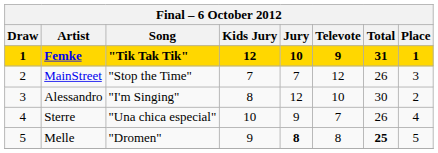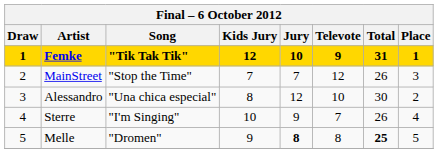 <table class="sortable wikitable" style="margin: 1em auto 1em auto; text-align:center;">
 <tr>
 <th colspan="8">Final – 6 October 2012</th>
 </tr>
 <tr>
 <th>Draw</th>
 <th>Artist</th>
 <th>Song</th>
 <th>Kids Jury</th>
 <th>Jury</th>
 <th>Televote</th>
 <th>Total</th>
 <th>Place</th>
 </tr>
 <tr bgcolor="GOLD">
 <td><strong>1</strong></td>
 <td align="left"><strong><a href='#'>Femke</a></strong></td>
 <td align="left"><strong>"Tik Tak Tik"</strong></td>
 <td><strong>12</strong></td>
 <td><strong>10</strong></td>
 <td><strong>9</strong></td>
 <td><strong>31</strong></td>
 <td><strong>1</strong></td>
 </tr>
 <tr>
 <td>2</td>
 <td align="left"><a href='#'>MainStreet</a></td>
 <td align="left">"Stop the Time"</td>
 <td>7</td>
 <td>7</td>
 <td>12</td>
 <td>26</td>
 <td>3</td>
 </tr>
 <tr>
 <td>3</td>
 <td align="left">Alessandro</td>
-<td align="left">"I'm Singing"</td>
+<td align="left">"Una chica especial"</td>
 <td>8</td>
 <td>12</td>
 <td>10</td>
 <td>30</td>
 <td>2</td>
 </tr>
 <tr>
 <td>4</td>
 <td align="left">Sterre</td>
-<td align="left">"Una chica especial"</td>
+<td align="left">"I'm Singing"</td>
 <td>10</td>
 <td>9</td>
 <td>7</td>
 <td>26</td>
 <td>4</td>
 </tr>
 <tr>
 <td>5</td>
 <td align="left">Melle</td>
 <td align="left">"Dromen"</td>
 <td>9</td>
 <td><strong>8</strong></td>
 <td>8</td>
 <td><strong>25</strong></td>
 <td>5</td>
 </tr>
 <tr>
 </tr>
 </table>
